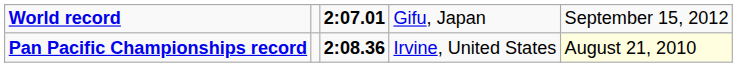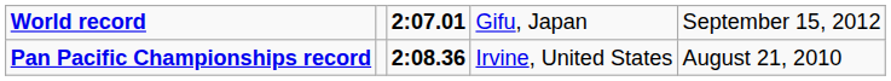 <table class="wikitable">
 <tr>
 <td><strong><a href='#'>World record</a></strong></td>
 <td></td>
 <td><strong>2:07.01</strong></td>
 <td><a href='#'>Gifu</a>, Japan</td>
 <td>September 15, 2012</td>
 </tr>
 <tr>
 <td><strong><a href='#'>Pan Pacific Championships record</a></strong></td>
 <td></td>
 <td><strong>2:08.36</strong></td>
 <td><a href='#'>Irvine</a>, United States</td>
-<td style="background: lightyellow;">August 21, 2010</td>
+<td>August 21, 2010</td>
 </tr>
 </table>
